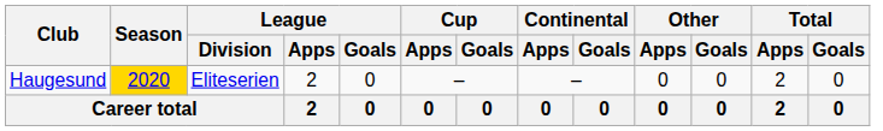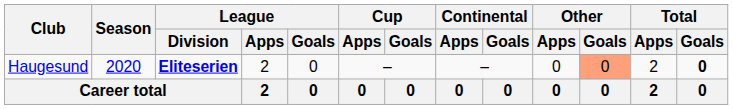 <table class="wikitable" style="text-align: center">
 <tr>
 <th rowspan="2">Club</th>
 <th rowspan="2">Season</th>
 <th colspan="3">League</th>
 <th colspan="2">Cup</th>
 <th colspan="2">Continental</th>
 <th colspan="2">Other</th>
 <th colspan="2">Total</th>
 </tr>
 <tr>
 <th>Division</th>
 <th>Apps</th>
 <th>Goals</th>
 <th>Apps</th>
 <th>Goals</th>
 <th>Apps</th>
 <th>Goals</th>
 <th>Apps</th>
 <th>Goals</th>
 <th>Apps</th>
 <th>Goals</th>
 </tr>
 <tr>
 <td><a href='#'>Haugesund</a></td>
-<td style="background: gold;"><a href='#'>2020</a></td>
-<td><a href='#'>Eliteserien</a></td>
+<td><a href='#'>2020</a></td>
+<td><strong><a href='#'>Eliteserien</a></strong></td>
 <td>2</td>
 <td>0</td>
 <td colspan="2">–</td>
 <td colspan="2">–</td>
 <td>0</td>
-<td>0</td>
+<td style="background: lightsalmon;">0</td>
 <td>2</td>
-<td>0</td>
+<td><strong>0</strong></td>
 </tr>
 <tr>
 <th colspan=3>Career total</th>
 <th>2</th>
 <th>0</th>
 <th>0</th>
 <th>0</th>
 <th>0</th>
 <th>0</th>
 <th>0</th>
 <th>0</th>
 <th>2</th>
 <th>0</th>
 </tr>
 </table>
